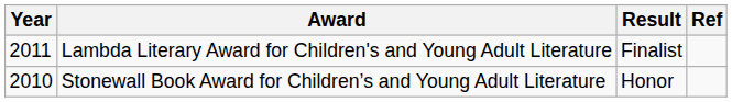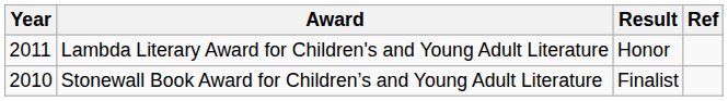 <table class="wikitable">
 <tr>
 <th>Year</th>
 <th>Award</th>
 <th>Result</th>
 <th>Ref</th>
 </tr>
 <tr>
 <td>2011</td>
 <td>Lambda Literary Award for Children's and Young Adult Literature</td>
-<td>Finalist</td>
+<td>Honor</td>
 <td></td>
 </tr>
 <tr>
 <td>2010</td>
 <td>Stonewall Book Award for Children’s and Young Adult Literature</td>
-<td>Honor</td>
+<td>Finalist</td>
 <td></td>
 </tr>
 </table>
